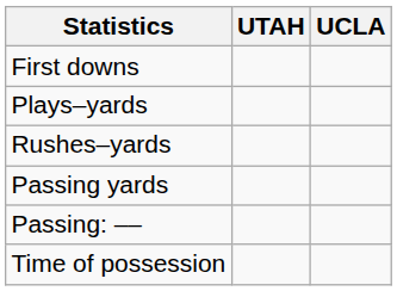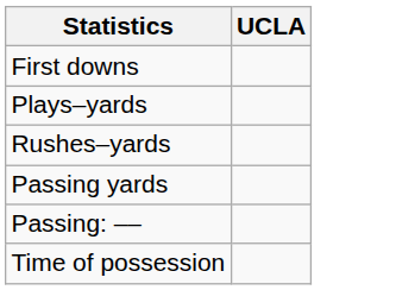 <table class="wikitable" style="float:left">
 <tr>
 <th>Statistics</th>
-<th>UTAH</th>
 <th>UCLA</th>
 </tr>
 <tr>
 <td>First downs</td>
 <td></td>
-<td></td>
 </tr>
 <tr>
 <td>Plays–yards</td>
-<td></td>
 <td></td>
 </tr>
 <tr>
 <td>Rushes–yards</td>
 <td></td>
-<td></td>
 </tr>
 <tr>
 <td>Passing yards</td>
-<td></td>
 <td></td>
 </tr>
 <tr>
 <td>Passing: ––</td>
 <td></td>
-<td></td>
 </tr>
 <tr>
 <td>Time of possession</td>
 <td></td>
-<td></td>
 </tr>
 </table>
